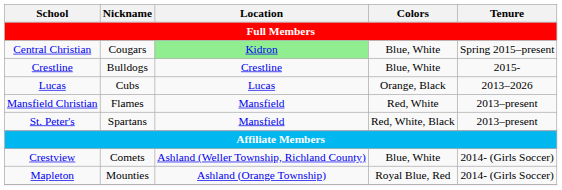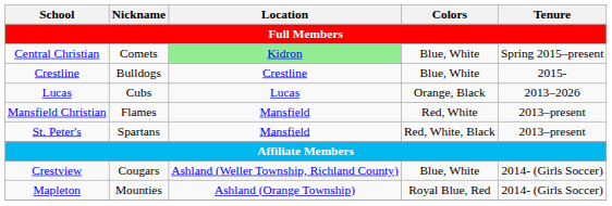 <table class="wikitable sortable" style="text-align:center">
 <tr>
 <th>School</th>
 <th>Nickname</th>
 <th>Location</th>
 <th>Colors</th>
 <th>Tenure</th>
 </tr>
 <tr>
 <th colspan=7 style="color:white; background:red">Full Members</th>
 </tr>
 <tr>
 <td><a href='#'>Central Christian</a></td>
-<td>Cougars</td>
+<td>Comets</td>
 <td style="background: lightgreen;"><a href='#'>Kidron</a></td>
 <td>Blue, White<br> </td>
 <td>Spring 2015–present</td>
 </tr>
 <tr>
 <td><a href='#'>Crestline</a></td>
 <td>Bulldogs</td>
 <td><a href='#'>Crestline</a></td>
 <td>Blue, White<br> </td>
 <td>2015-</td>
 </tr>
 <tr>
 <td><a href='#'>Lucas</a></td>
 <td>Cubs</td>
 <td><a href='#'>Lucas</a></td>
 <td>Orange, Black<br> </td>
 <td>2013–2026</td>
 </tr>
 <tr>
 <td><a href='#'>Mansfield Christian</a></td>
 <td>Flames</td>
 <td><a href='#'>Mansfield</a></td>
 <td>Red, White<br> </td>
 <td>2013–present</td>
 </tr>
 <tr>
 <td><a href='#'>St. Peter's</a></td>
 <td>Spartans</td>
 <td><a href='#'>Mansfield</a></td>
 <td>Red, White, Black <br>   </td>
 <td>2013–present</td>
 </tr>
 <tr>
 </tr>
 <tr class="sortbottom">
 <th colspan=7 style="color:white; background:#00B7EF">Affiliate Members</th>
 </tr>
 <tr>
 <td><a href='#'>Crestview</a></td>
-<td>Comets</td>
+<td>Cougars</td>
 <td><a href='#'>Ashland (Weller Township, Richland County)</a></td>
 <td>Blue, White<br> </td>
 <td>2014- (Girls Soccer)</td>
 </tr>
 <tr>
 <td><a href='#'>Mapleton</a></td>
 <td>Mounties</td>
 <td><a href='#'>Ashland (Orange Township)</a></td>
 <td>Royal Blue, Red<br> </td>
 <td>2014- (Girls Soccer)</td>
 </tr>
 <tr>
 </tr>
 </table>
